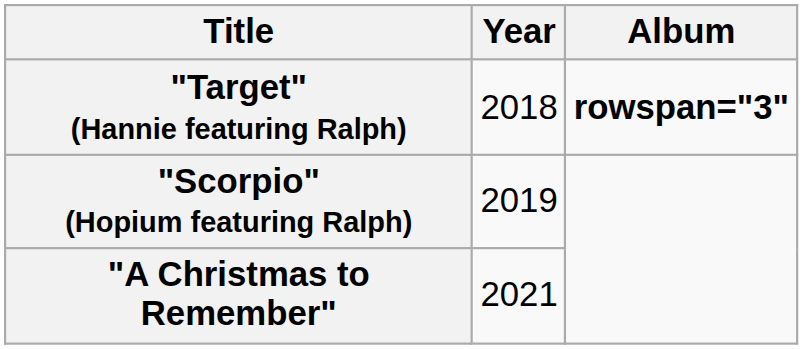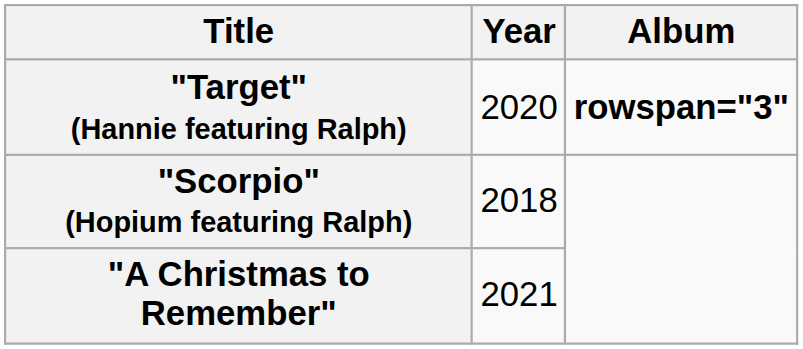 <table class="wikitable plainrowheaders" style="text-align:center;">
 <tr>
 <th scope="col" style="width:13em;">Title</th>
 <th scope="col" style="width:1em;">Year</th>
 <th scope="col">Album</th>
 </tr>
 <tr>
 <th scope="row">"Target"<br><small>(Hannie featuring Ralph)</small></th>
-<td>2018</td>
+<td>2020</td>
 <td><strong>rowspan="3" </strong></td>
 </tr>
 <tr>
 <th scope="row">"Scorpio"<br><small>(Hopium featuring Ralph)</small></th>
-<td>2019</td>
+<td>2018</td>
 </tr>
 <tr>
 <th scope="row">"A Christmas to Remember"<br></th>
 <td>2021</td>
 </tr>
 </table>
